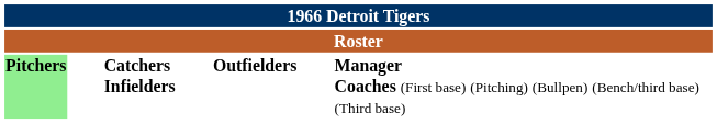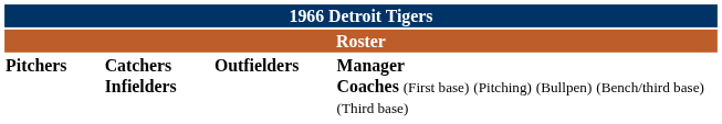 <table class="toccolours" style="font-size: 95%;">
 <tr>
 <th colspan="10" style="background-color: #003366; color: white; text-align: center;">1966 Detroit Tigers</th>
 </tr>
 <tr>
 <td colspan="10" style="background-color: #bd5d29; color: white; text-align: center;"><strong>Roster</strong></td>
 </tr>
 <tr>
-<td valign="top" style="background: lightgreen;"><strong>Pitchers</strong><br>               </td>
+<td valign="top"><strong>Pitchers</strong><br>               </td>
 <td width="25px"></td>
 <td valign="top"><strong>Catchers</strong><br>   <strong>Infielders</strong>        </td>
 <td width="25px"></td>
 <td valign="top"><strong>Outfielders</strong><br>     </td>
 <td width="25px"></td>
 <td valign="top"><strong>Manager</strong><br>   <strong>Coaches</strong>  <small>(First base)</small>  <small>(Pitching)</small>  <small>(Bullpen)</small>  <small>(Bench/third base)</small>  <small>(Third base)</small></td>
 </tr>
 <tr>
 </tr>
 </table>
